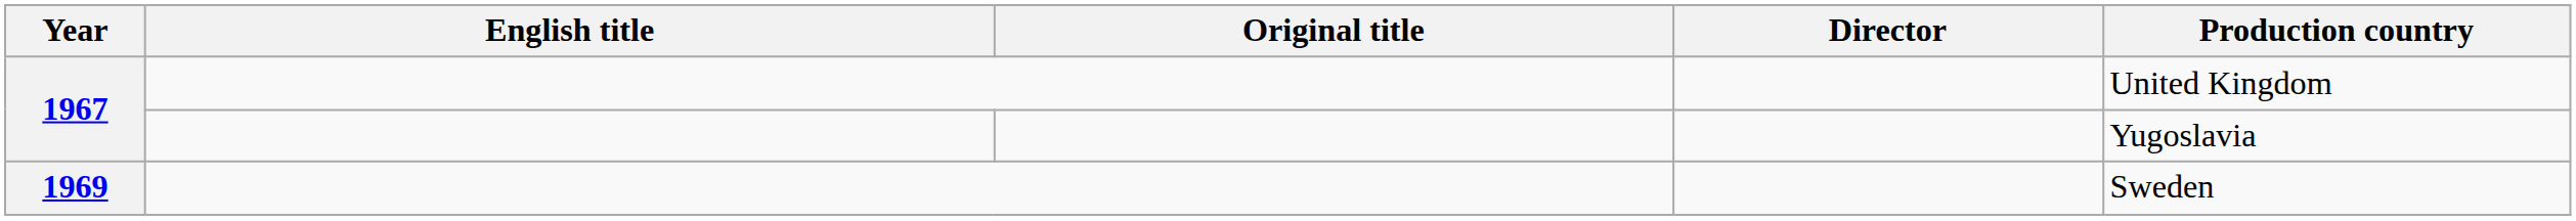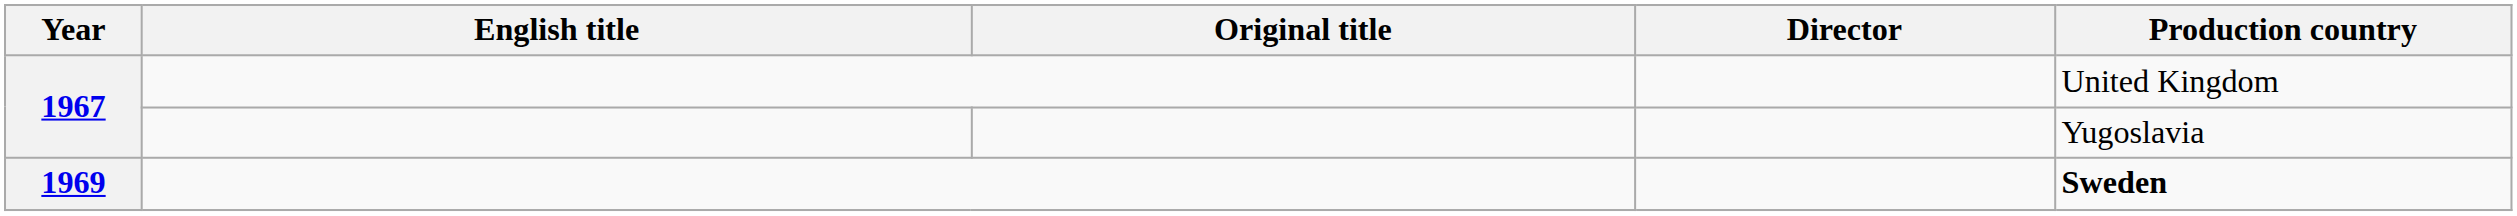 <table class="wikitable unsortable">
 <tr>
 <th scope="col" style="width:1%;">Year</th>
 <th scope="col" style="width:10%;">English title</th>
 <th scope="col" style="width:8%;">Original title</th>
 <th scope="col" style="width:5%;">Director</th>
 <th scope="col" style="width:5%;" class="unsortable">Production country</th>
 </tr>
 <tr>
 <th rowspan="2" style="text-align:center;"><a href='#'>1967</a></th>
 <td colspan="2"></td>
 <td></td>
 <td>United Kingdom</td>
 </tr>
 <tr>
 <td></td>
 <td></td>
 <td></td>
 <td>Yugoslavia</td>
 </tr>
 <tr>
 <th style="text-align:center;"><a href='#'>1969</a></th>
 <td colspan="2"></td>
 <td></td>
-<td>Sweden</td>
+<td><strong>Sweden</strong></td>
 </tr>
 </table>
